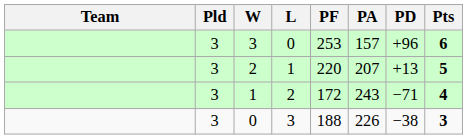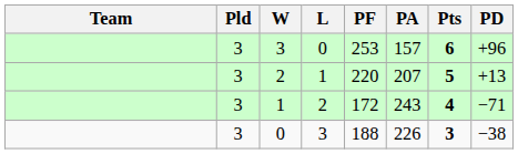 <table class=wikitable style="text-align:center">
 <tr>
 <th width=180>Team</th>
 <th width=30>Pld</th>
 <th width=30>W</th>
 <th width=30>L</th>
 <th width=30>PF</th>
 <th width=30>PA</th>
+<th width=30>Pts</th>
 <th width=30>PD</th>
-<th width=30>Pts</th>
 </tr>
 <tr align=center bgcolor="#ccffcc">
 <td align="left"></td>
 <td>3</td>
 <td>3</td>
 <td>0</td>
 <td>253</td>
 <td>157</td>
+<td><strong>6</strong></td>
 <td>+96</td>
-<td><strong>6</strong></td>
 </tr>
 <tr align=center bgcolor="#ccffcc">
 <td align="left"></td>
 <td>3</td>
 <td>2</td>
 <td>1</td>
 <td>220</td>
 <td>207</td>
+<td><strong>5</strong></td>
 <td>+13</td>
-<td><strong>5</strong></td>
 </tr>
 <tr align=center bgcolor="#ccffcc">
 <td align="left"></td>
 <td>3</td>
 <td>1</td>
 <td>2</td>
 <td>172</td>
 <td>243</td>
+<td><strong>4</strong></td>
 <td>−71</td>
-<td><strong>4</strong></td>
 </tr>
 <tr>
 <td align="left"></td>
 <td>3</td>
 <td>0</td>
 <td>3</td>
 <td>188</td>
 <td>226</td>
+<td><strong>3</strong></td>
 <td>−38</td>
-<td><strong>3</strong></td>
 </tr>
 </table>
